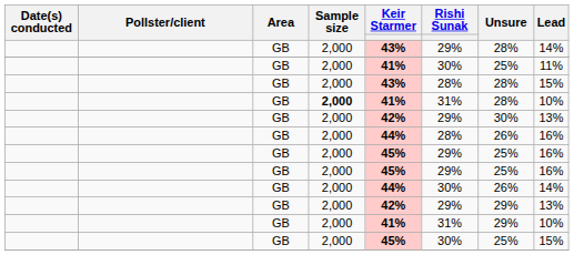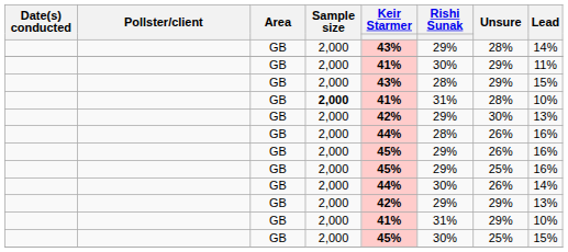 <table class="wikitable collapsible sortable mw-datatable" style="text-align:center;font-size:90%;line-height:14px">
 <tr>
 <th style="width:80px;" rowspan="2">Date(s)<br>conducted</th>
 <th style="width:200px;" rowspan="2">Pollster/client</th>
 <th style="width:60px;" rowspan="2">Area</th>
 <th style="width:60px;" rowspan="2">Sample size</th>
 <th style="width:60px;" class="unsortable"><a href='#'>Keir Starmer</a></th>
 <th style="width:60px;" class="unsortable"><a href='#'>Rishi Sunak</a></th>
 <th style="width:60px;" rowspan="2" class="unsortable">Unsure</th>
 <th class="unsortable" style="width:20px;" rowspan="2">Lead</th>
 </tr>
 <tr>
 <th class="unsortable" style="color:inherit;background:"></th>
 <th class="unsortable" style="color:inherit;background:"></th>
 </tr>
 <tr>
 <td></td>
 <td></td>
 <td>GB</td>
 <td>2,000</td>
 <td style="background:#ffcccb"><strong>43%</strong></td>
 <td>29%</td>
 <td>28%</td>
 <td style="background:">14%</td>
 </tr>
 <tr>
 </tr>
 <tr>
 <td></td>
 <td></td>
 <td>GB</td>
 <td>2,000</td>
 <td style="background:#ffcccb"><strong>41%</strong></td>
 <td>30%</td>
-<td>25%</td>
+<td>29%</td>
 <td style="background:">11%</td>
 </tr>
 <tr>
 <td></td>
 <td></td>
 <td>GB</td>
 <td>2,000</td>
 <td style="background:#ffcccb"><strong>43%</strong></td>
 <td>28%</td>
-<td>28%</td>
+<td>29%</td>
 <td style="background:">15%</td>
 </tr>
 <tr>
 <td></td>
 <td></td>
 <td>GB</td>
 <td><strong>2,000</strong></td>
 <td style="background:#ffcccb"><strong>41%</strong></td>
 <td>31%</td>
 <td>28%</td>
 <td style="background:">10%</td>
 </tr>
 <tr>
 <td></td>
 <td></td>
 <td>GB</td>
 <td>2,000</td>
 <td style="background:#ffcccb"><strong>42%</strong></td>
 <td>29%</td>
 <td>30%</td>
 <td style="background:">13%</td>
 </tr>
 <tr>
 <td></td>
 <td></td>
 <td>GB</td>
 <td>2,000</td>
 <td style="background:#ffcccb"><strong>44%</strong></td>
 <td>28%</td>
 <td>26%</td>
 <td style="background:">16%</td>
 </tr>
 <tr>
 <td></td>
 <td></td>
 <td>GB</td>
 <td>2,000</td>
 <td style="background:#ffcccb"><strong>45%</strong></td>
 <td>29%</td>
-<td>25%</td>
+<td>26%</td>
 <td style="background:">16%</td>
 </tr>
 <tr>
 <td></td>
 <td></td>
 <td>GB</td>
 <td>2,000</td>
 <td style="background:#ffcccb"><strong>45%</strong></td>
 <td>29%</td>
 <td>25%</td>
 <td style="background:">16%</td>
 </tr>
 <tr>
 <td></td>
 <td></td>
 <td>GB</td>
 <td>2,000</td>
 <td style="background:#ffcccb"><strong>44%</strong></td>
 <td>30%</td>
 <td>26%</td>
 <td style="background:">14%</td>
 </tr>
 <tr>
 <td></td>
 <td></td>
 <td>GB</td>
 <td>2,000</td>
 <td style="background:#ffcccb"><strong>42%</strong></td>
 <td>29%</td>
 <td>29%</td>
 <td style="background:">13%</td>
 </tr>
 <tr>
 <td></td>
 <td></td>
 <td>GB</td>
 <td>2,000</td>
 <td style="background:#ffcccb"><strong>41%</strong></td>
 <td>31%</td>
 <td>29%</td>
 <td style="background:">10%</td>
 </tr>
 <tr>
 <td></td>
 <td></td>
 <td>GB</td>
 <td>2,000</td>
 <td style="background:#ffcccb"><strong>45%</strong></td>
 <td>30%</td>
 <td>25%</td>
 <td style="background:">15%</td>
 </tr>
 <tr>
 </tr>
 </table>
